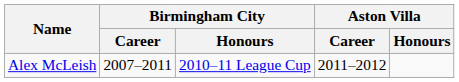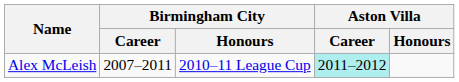 <table class="wikitable" style="text-align: center">
 <tr>
 <th rowspan=2>Name</th>
 <th colspan=2>Birmingham City</th>
 <th colspan=2>Aston Villa</th>
 </tr>
 <tr>
 <th>Career</th>
 <th>Honours</th>
 <th>Career</th>
 <th>Honours</th>
 </tr>
 <tr>
 <td> <a href='#'>Alex McLeish</a></td>
 <td>2007–2011</td>
 <td><a href='#'>2010–11 League Cup</a></td>
-<td>2011–2012</td>
+<td style="background: paleturquoise;">2011–2012</td>
 <td></td>
 </tr>
 </table>
